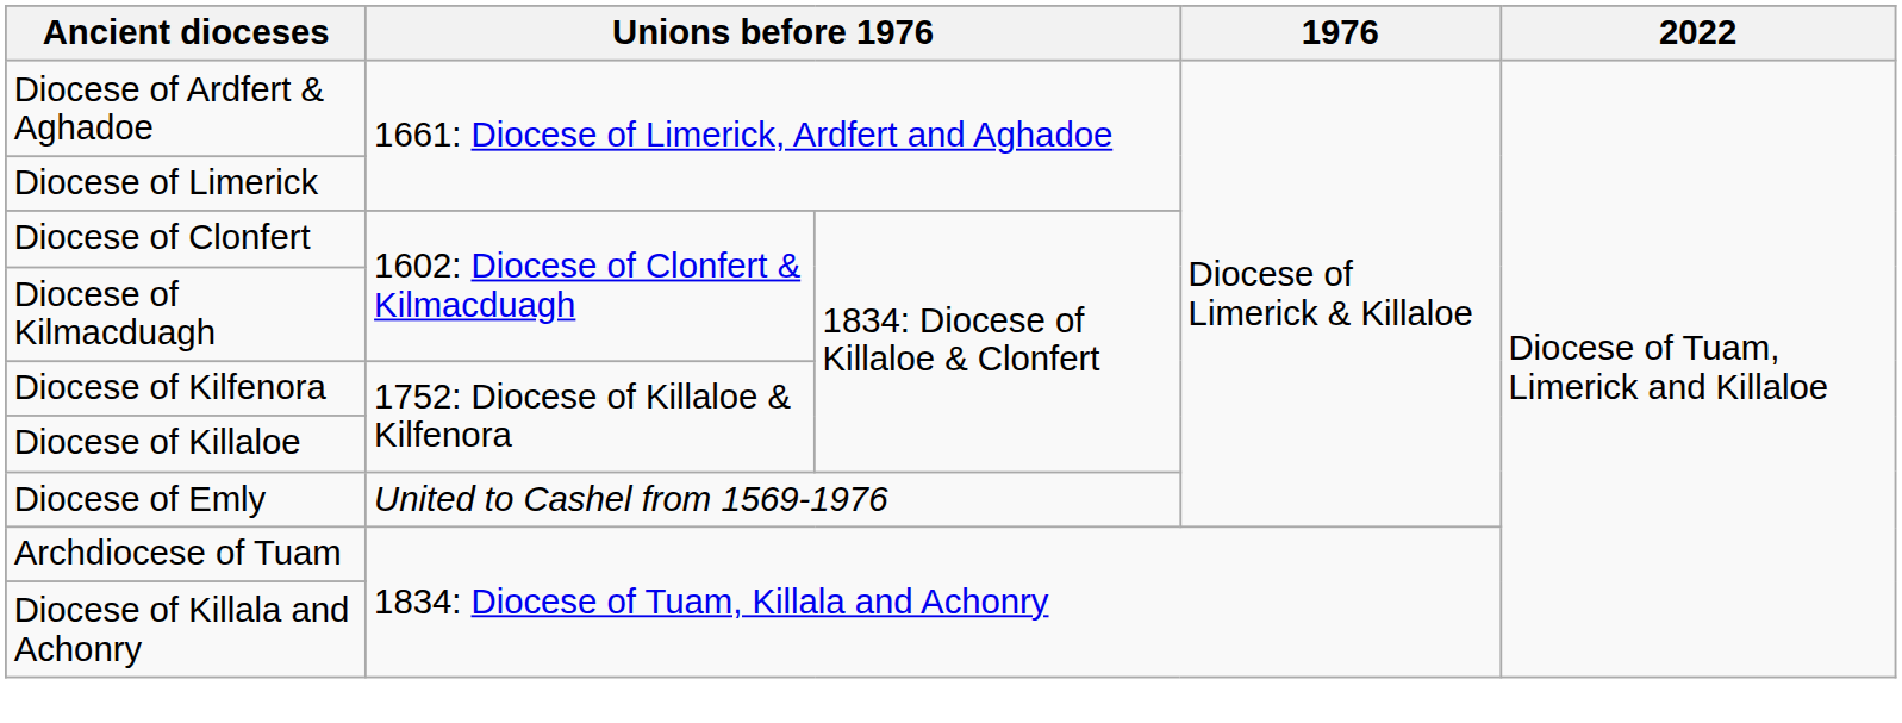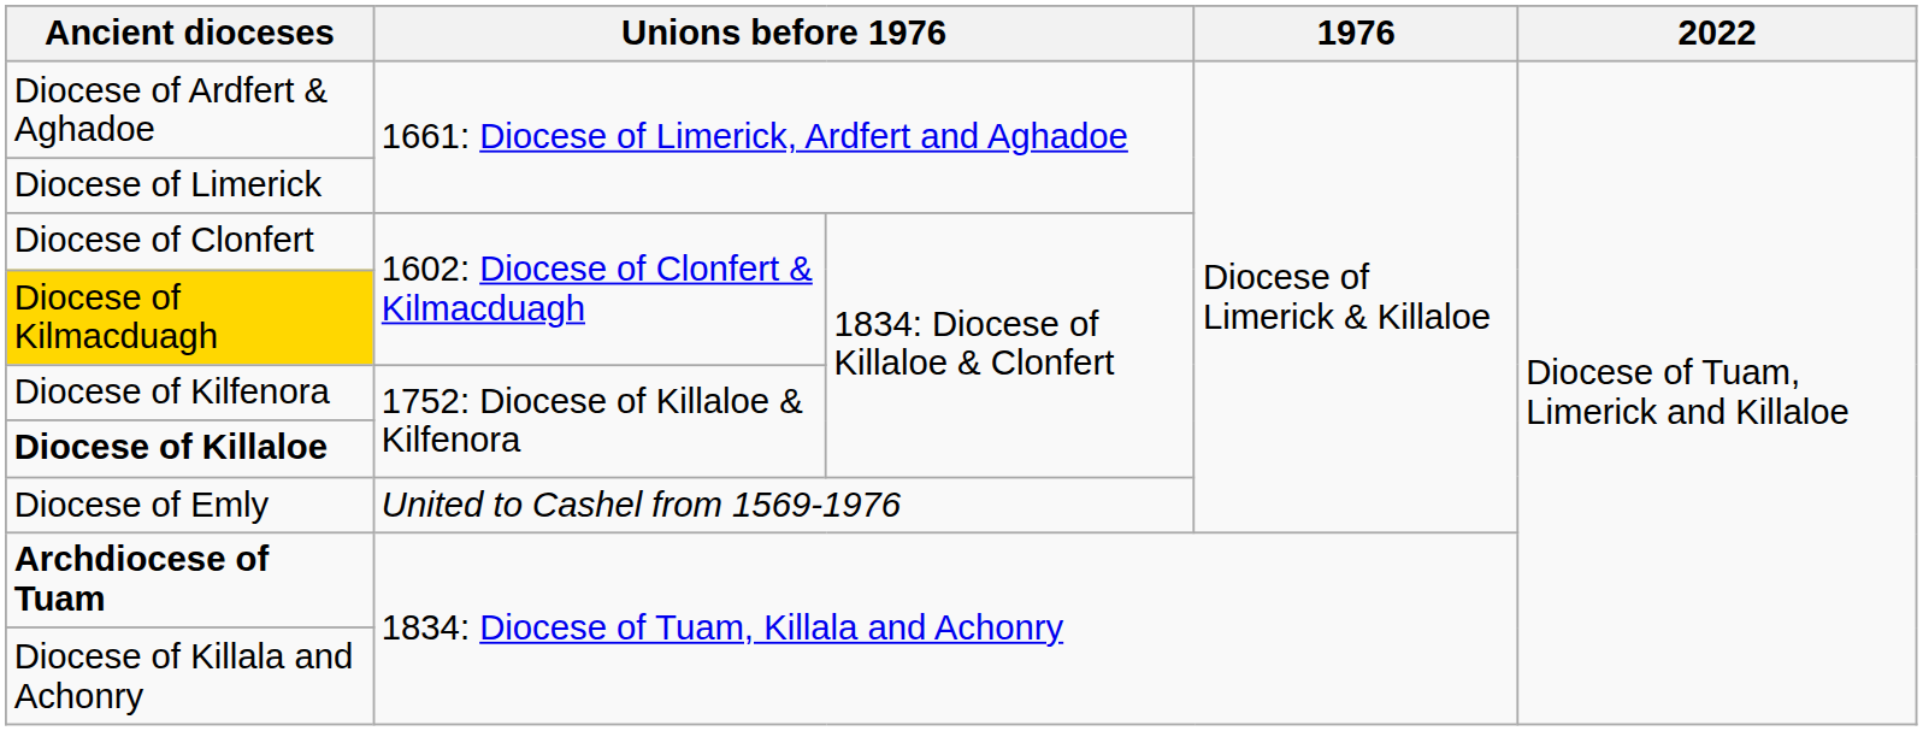 <table class="wikitable">
 <tr>
 <th>Ancient dioceses</th>
 <th colspan=2>Unions before 1976</th>
 <th>1976</th>
 <th>2022</th>
 </tr>
 <tr>
 <td>Diocese of Ardfert & Aghadoe</td>
 <td rowspan=2 colspan=2>1661: <a href='#'>Diocese of Limerick, Ardfert and Aghadoe</a></td>
 <td rowspan=7>Diocese of Limerick & Killaloe</td>
 <td rowspan=9>Diocese of Tuam, Limerick and Killaloe</td>
 </tr>
 <tr>
 <td>Diocese of Limerick</td>
 </tr>
 <tr>
 <td>Diocese of Clonfert</td>
 <td rowspan=2>1602: <a href='#'>Diocese of Clonfert & Kilmacduagh</a></td>
 <td rowspan=4>1834: Diocese of Killaloe & Clonfert</td>
 </tr>
 <tr>
-<td>Diocese of Kilmacduagh</td>
+<td style="background: gold;">Diocese of Kilmacduagh</td>
 </tr>
 <tr>
 <td>Diocese of Kilfenora</td>
 <td rowspan=2>1752: Diocese of Killaloe & Kilfenora</td>
 </tr>
 <tr>
-<td>Diocese of Killaloe</td>
+<td><strong>Diocese of Killaloe</strong></td>
 </tr>
 <tr>
 <td>Diocese of Emly</td>
 <td colspan=2><em>United to Cashel from 1569-1976</em></td>
 </tr>
 <tr>
-<td>Archdiocese of Tuam</td>
+<td><strong>Archdiocese of Tuam</strong></td>
 <td rowspan=2 colspan=3>1834: <a href='#'>Diocese of Tuam, Killala and Achonry</a></td>
 </tr>
 <tr>
 <td>Diocese of Killala and Achonry</td>
 </tr>
 </table>
